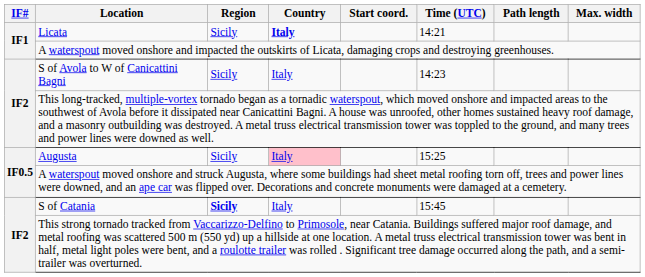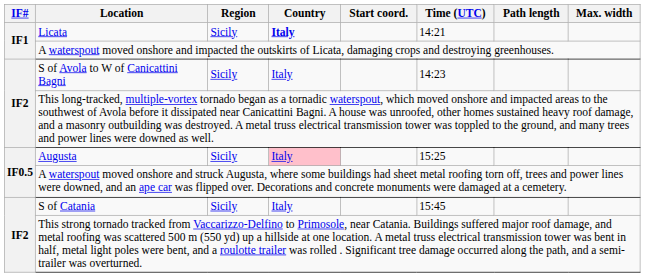 <table class="wikitable sortable" style="width:100%;">
 <tr>
 <th scope="col" width="2%" align="center"><a href='#'>IF#</a></th>
 <th scope="col" align="center" class="unsortable">Location</th>
 <th scope="col" align="center" class="unsortable">Region</th>
 <th scope="col" align="center">Country</th>
 <th scope="col" align="center">Start coord.</th>
 <th scope="col" align="center">Time (<a href='#'>UTC</a>)</th>
 <th scope="col" align="center">Path length</th>
 <th scope="col" align="center">Max. width</th>
 </tr>
 <tr>
 <th scope="row" rowspan="2" style="background-color:#">IF1</th>
 <td><a href='#'>Licata</a></td>
 <td><a href='#'>Sicily</a></td>
 <td><strong><a href='#'>Italy</a></strong></td>
 <td></td>
 <td>14:21</td>
 <td></td>
 <td></td>
 </tr>
 <tr class="expand-child">
 <td colspan="8" style=" border-bottom: 1px solid black;">A <a href='#'>waterspout</a> moved onshore and impacted the outskirts of Licata, damaging crops and destroying greenhouses.</td>
 </tr>
 <tr>
 <th scope="row" rowspan="2" style="background-color:#">IF2</th>
 <td>S of <a href='#'>Avola</a> to W of <a href='#'>Canicattini Bagni</a></td>
 <td><a href='#'>Sicily</a></td>
 <td><a href='#'>Italy</a></td>
 <td></td>
 <td>14:23</td>
 <td></td>
 <td></td>
 </tr>
 <tr class="expand-child">
 <td colspan="8" style=" border-bottom: 1px solid black;">This long-tracked, <a href='#'>multiple-vortex</a> tornado began as a tornadic <a href='#'>waterspout</a>, which moved onshore and impacted areas to the southwest of Avola before it dissipated near Canicattini Bagni. A house was unroofed, other homes sustained heavy roof damage, and a masonry outbuilding was destroyed. A metal truss electrical transmission tower was toppled to the ground, and many trees and power lines were downed as well.</td>
 </tr>
 <tr>
 <th scope="row" rowspan="2" style="background-color:#">IF0.5</th>
 <td><a href='#'>Augusta</a></td>
 <td><a href='#'>Sicily</a></td>
 <td style="background: pink;"><a href='#'>Italy</a></td>
 <td></td>
 <td>15:25</td>
 <td></td>
 <td></td>
 </tr>
 <tr class="expand-child">
 <td colspan="8" style=" border-bottom: 1px solid black;">A <a href='#'>waterspout</a> moved onshore and struck Augusta, where some buildings had sheet metal roofing torn off, trees and power lines were downed, and an <a href='#'>ape car</a> was flipped over. Decorations and concrete monuments were damaged at a cemetery.</td>
 </tr>
 <tr>
 <th scope="row" rowspan="2" style="background-color:#">IF2</th>
 <td>S of <a href='#'>Catania</a></td>
-<td><strong><a href='#'>Sicily</a></strong></td>
+<td><a href='#'>Sicily</a></td>
 <td><a href='#'>Italy</a></td>
 <td></td>
 <td>15:45</td>
 <td></td>
 <td></td>
 </tr>
 <tr class="expand-child">
 <td colspan="8" style=" border-bottom: 1px solid black;">This strong tornado tracked from <a href='#'>Vaccarizzo-Delfino</a> to <a href='#'>Primosole</a>, near Catania. Buildings suffered major roof damage, and metal roofing was scattered 500 m (550 yd) up a hillside at one location. A metal truss electrical transmission tower was bent in half, metal light poles were bent, and a <a href='#'>roulotte trailer</a> was rolled . Significant tree damage occurred along the path, and a semi-trailer was overturned.</td>
 </tr>
 </table>
